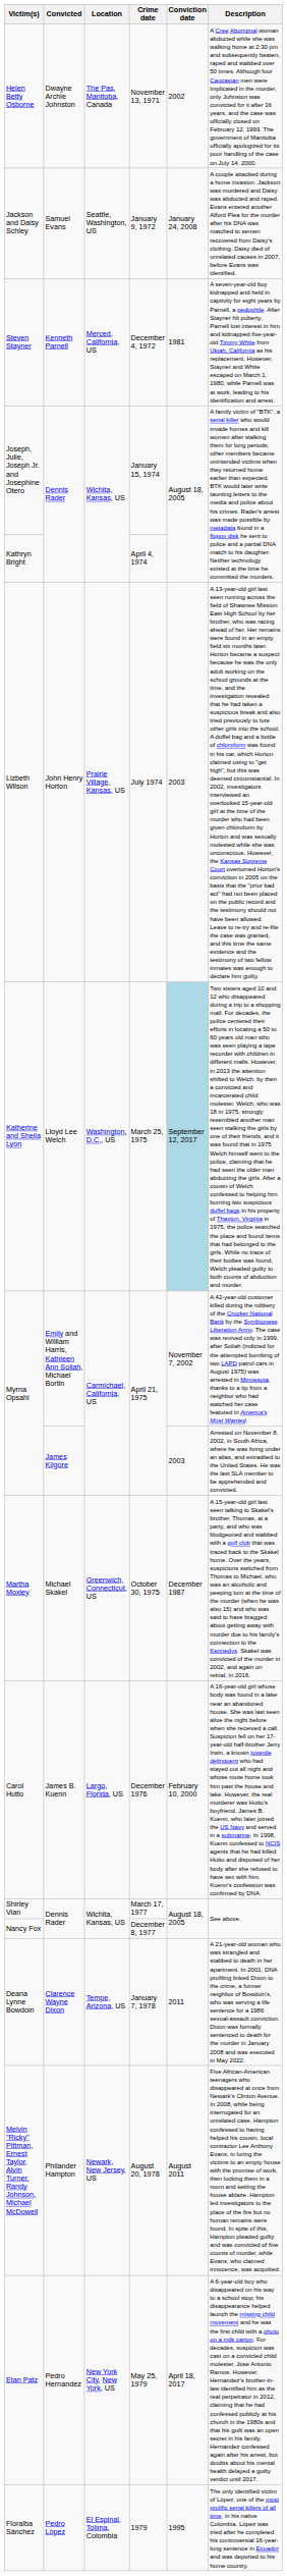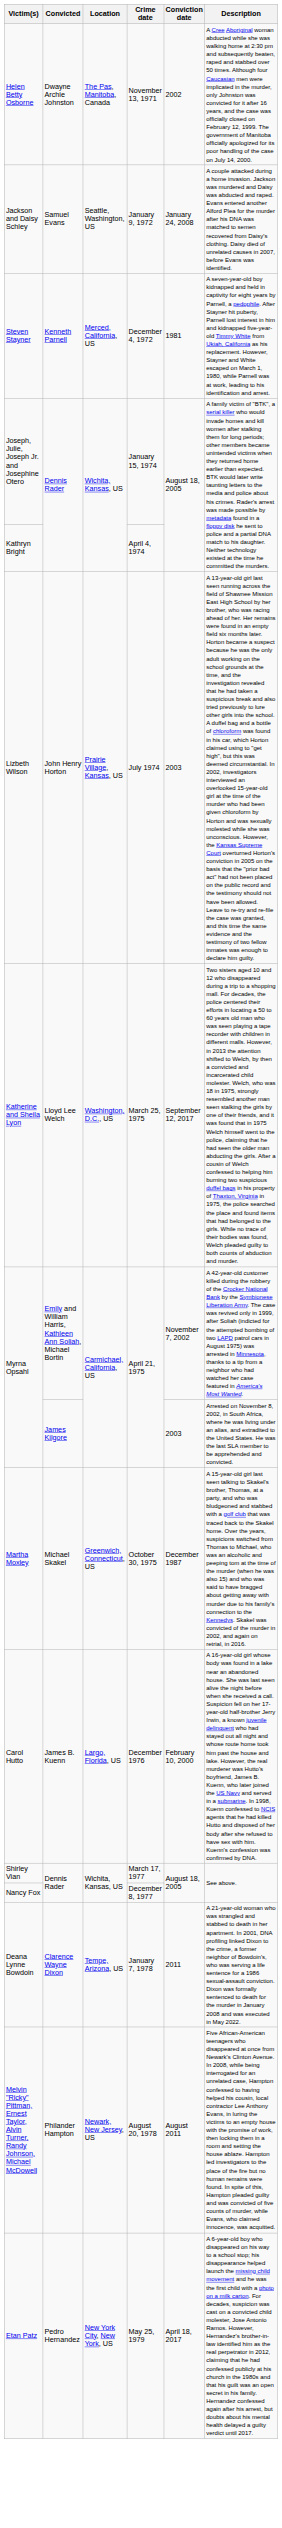 <table class="wikitable sortable">
 <tr>
 <th scope="col">Victim(s)</th>
 <th scope="col">Convicted</th>
 <th scope="col">Location</th>
 <th scope="col">Crime date</th>
 <th scope="col">Conviction date</th>
 <th scope="col">Description</th>
 </tr>
 <tr>
 <td><a href='#'>Helen Betty Osborne</a></td>
 <td>Dwayne Archie Johnston</td>
 <td><a href='#'>The Pas</a>, <a href='#'>Manitoba</a>, Canada</td>
 <td>November 13, 1971</td>
 <td>2002</td>
 <td><small>A <a href='#'>Cree</a> <a href='#'>Aboriginal</a> woman abducted while she was walking home at 2:30 pm and subsequently beaten, raped and stabbed over 50 times. Although four <a href='#'>Caucasian</a> men were implicated in the murder, only Johnston was convicted for it after 16 years, and the case was officially closed on February 12, 1999. The government of Manitoba officially apologized for its poor handling of the case on July 14, 2000.</small></td>
 </tr>
 <tr>
 <td>Jackson and Daisy Schley</td>
 <td>Samuel Evans</td>
 <td>Seattle, Washington, US</td>
 <td>January 9, 1972</td>
 <td>January 24, 2008</td>
 <td><small>A couple attacked during a home invasion. Jackson was murdered and Daisy was abducted and raped. Evans entered another Alford Plea for the murder after his DNA was matched to semen recovered from Daisy's clothing. Daisy died of unrelated causes in 2007, before Evans was identified.</small></td>
 </tr>
 <tr>
 <td><a href='#'>Steven Stayner</a></td>
 <td><a href='#'>Kenneth Parnell</a></td>
 <td><a href='#'>Merced, California</a>, US</td>
 <td>December 4, 1972</td>
 <td>1981</td>
 <td><small>A seven-year-old boy kidnapped and held in captivity for eight years by Parnell, a <a href='#'>pedophile</a>. After Stayner hit puberty, Parnell lost interest in him and kidnapped five-year-old <a href='#'>Timmy White</a> from <a href='#'>Ukiah, California</a> as his replacement. However, Stayner and White escaped on March 1, 1980, while Parnell was at work, leading to his identification and arrest.</small></td>
 </tr>
 <tr>
 <td>Joseph, Julie, Joseph Jr. and Josephine Otero</td>
 <td rowspan="2"><a href='#'>Dennis Rader</a></td>
 <td rowspan="2"><a href='#'>Wichita, Kansas</a>, US</td>
 <td>January 15, 1974</td>
 <td rowspan="2">August 18, 2005</td>
 <td rowspan="2"><small>A family victim of "BTK", a <a href='#'>serial killer</a> who would invade homes and kill women after stalking them for long periods; other members became unintended victims when they returned home earlier than expected. BTK would later write taunting letters to the media and police about his crimes. Rader's arrest was made possible by <a href='#'>metadata</a> found in a <a href='#'>floppy disk</a> he sent to police and a partial DNA match to his daughter. Neither technology existed at the time he committed the murders.</small></td>
 </tr>
 <tr>
 <td>Kathryn Bright</td>
 <td>April 4, 1974</td>
 </tr>
 <tr>
 <td>Lizbeth Wilson</td>
 <td>John Henry Horton</td>
 <td><a href='#'>Prairie Village</a>, <a href='#'>Kansas</a>, US</td>
 <td>July 1974</td>
 <td>2003</td>
 <td><small>A 13-year-old girl last seen running across the field of Shawnee Mission East High School by her brother, who was racing ahead of her. Her remains were found in an empty field six months later. Horton became a suspect because he was the only adult working on the school grounds at the time, and the investigation revealed that he had taken a suspicious break and also tried previously to lure other girls into the school. A duffel bag and a bottle of <a href='#'>chloroform</a> was found in his car, which Horton claimed using to "get high", but this was deemed circumstantial. In 2002, investigators interviewed an overlooked 15-year-old girl at the time of the murder who had been given chloroform by Horton and was sexually molested while she was unconscious. However, the <a href='#'>Kansas Supreme Court</a> overturned Horton's conviction in 2005 on the basis that the "prior bad act" had not been placed on the public record and the testimony should not have been allowed. Leave to re-try and re-file the case was granted, and this time the same evidence and the testimony of two fellow inmates was enough to declare him guilty.</small></td>
 </tr>
 <tr>
 <td><a href='#'>Katherine and Sheila Lyon</a></td>
 <td>Lloyd Lee Welch</td>
 <td><a href='#'>Washington, D.C.</a>, US</td>
 <td>March 25, 1975</td>
-<td style="background: lightblue;">September 12, 2017</td>
+<td>September 12, 2017</td>
 <td><small>Two sisters aged 10 and 12 who disappeared during a trip to a shopping mall. For decades, the police centered their efforts in locating a 50 to 60 years old man who was seen playing a tape recorder with children in different malls. However, in 2013 the attention shifted to Welch, by then a convicted and incarcerated child molester. Welch, who was 18 in 1975, strongly resembled another man seen stalking the girls by one of their friends, and it was found that in 1975 Welch himself went to the police, claiming that he had seen the older man abducting the girls. After a cousin of Welch confessed to helping him burning two suspicious <a href='#'>duffel bags</a> in his property of <a href='#'>Thaxton, Virginia</a> in 1975, the police searched the place and found items that had belonged to the girls. While no trace of their bodies was found, Welch pleaded guilty to both counts of abduction and murder.</small></td>
 </tr>
 <tr>
 <td rowspan="2">Myrna Opsahl</td>
 <td><a href='#'>Emily</a> and William Harris, <a href='#'>Kathleen Ann Soliah</a>, Michael Bortin</td>
 <td rowspan="2"><a href='#'>Carmichael, California</a>, US</td>
 <td rowspan="2">April 21, 1975</td>
 <td>November 7, 2002</td>
 <td><small>A 42-year-old customer killed during the robbery of the <a href='#'>Crocker National Bank</a> by the <a href='#'>Symbionese Liberation Army</a>. The case was revived only in 1999, after Soliah (indicted for the attempted bombing of two <a href='#'>LAPD</a> patrol cars in August 1975) was arrested in <a href='#'>Minnesota</a>, thanks to a tip from a neighbor who had watched her case featured in <em><a href='#'>America's Most Wanted</a></em>.</small></td>
 </tr>
 <tr>
 <td><a href='#'>James Kilgore</a></td>
 <td>2003</td>
 <td><small>Arrested on November 8, 2002, in South Africa, where he was living under an alias, and extradited to the United States. He was the last SLA member to be apprehended and convicted.</small></td>
 </tr>
 <tr>
 <td><a href='#'>Martha Moxley</a></td>
 <td>Michael Skakel</td>
 <td><a href='#'>Greenwich, Connecticut</a>, US</td>
 <td>October 30, 1975</td>
 <td>December 1987</td>
 <td><small>A 15-year-old girl last seen talking to Skakel's brother, Thomas, at a party, and who was bludgeoned and stabbed with a <a href='#'>golf club</a> that was traced back to the Skakel home. Over the years, suspicions switched from Thomas to Michael, who was an alcoholic and peeping tom at the time of the murder (when he was also 15) and who was said to have bragged about getting away with murder due to his family's connection to the <a href='#'>Kennedys</a>. Skakel was convicted of the murder in 2002, and again on retrial, in 2016.</small></td>
 </tr>
 <tr>
 <td>Carol Hutto</td>
 <td>James B. Kuenn</td>
 <td><a href='#'>Largo, Florida</a>, US</td>
 <td>December 1976</td>
 <td>February 10, 2000</td>
 <td><small>A 16-year-old girl whose body was found in a lake near an abandoned house. She was last seen alive the night before when she received a call. Suspicion fell on her 17-year-old half-brother Jerry Irwin, a known <a href='#'>juvenile delinquent</a> who had stayed out all night and whose route home took him past the house and lake. However, the real murderer was Hutto's boyfriend, James B. Kuenn, who later joined the <a href='#'>US Navy</a> and served in a <a href='#'>submarine</a>. In 1998, Kuenn confessed to <a href='#'>NCIS</a> agents that he had killed Hutto and disposed of her body after she refused to have sex with him. Kuenn's confession was confirmed by DNA.</small></td>
 </tr>
 <tr>
 <td>Shirley Vian</td>
 <td rowspan="2">Dennis Rader</td>
 <td rowspan="2">Wichita, Kansas, US</td>
 <td>March 17, 1977</td>
 <td rowspan="2">August 18, 2005</td>
 <td rowspan="2"><small>See above.</small></td>
 </tr>
 <tr>
 <td>Nancy Fox</td>
 <td>December 8, 1977</td>
 </tr>
 <tr>
 <td>Deana Lynne Bowdoin</td>
 <td><a href='#'>Clarence Wayne Dixon</a></td>
 <td><a href='#'>Tempe, Arizona</a>, US</td>
 <td>January 7, 1978</td>
 <td>2011</td>
 <td><small>A 21-year-old woman who was strangled and stabbed to death in her apartment. In 2001, DNA profiling linked Dixon to the crime, a former neighbor of Bowdoin's, who was serving a life sentence for a 1986 sexual-assault conviction. Dixon was formally sentenced to death for the murder in January 2008 and was executed in May 2022.</small></td>
 </tr>
 <tr>
 <td><a href='#'>Melvin "Ricky" Pittman, Ernest Taylor, Alvin Turner, Randy Johnson, Michael McDowell</a></td>
 <td>Philander Hampton</td>
 <td><a href='#'>Newark, New Jersey</a>, US</td>
 <td>August 20, 1978</td>
 <td>August 2011</td>
 <td><small>Five African-American teenagers who disappeared at once from Newark's Clinton Avenue. In 2008, while being interrogated for an unrelated case, Hampton confessed to having helped his cousin, local contractor Lee Anthony Evans, in luring the victims to an empty house with the promise of work, then locking them in a room and setting the house ablaze. Hampton led investigators to the place of the fire but no human remains were found. In spite of this, Hampton pleaded guilty and was convicted of five counts of murder, while Evans, who claimed innocence, was acquitted.</small></td>
 </tr>
 <tr>
 <td><a href='#'>Etan Patz</a></td>
 <td>Pedro Hernandez</td>
 <td><a href='#'>New York City</a>, <a href='#'>New York</a>, US</td>
 <td>May 25, 1979</td>
 <td>April 18, 2017</td>
 <td><small>A 6-year-old boy who disappeared on his way to a school stop; his disappearance helped launch the <a href='#'>missing child movement</a> and he was the first child with a <a href='#'>photo on a milk carton</a>. For decades, suspicion was cast on a convicted child molester, Jose Antonio Ramos. However, Hernandez's brother-in-law identified him as the real perpetrator in 2012, claiming that he had confessed publicly at his church in the 1980s and that his guilt was an open secret in his family. Hernandez confessed again after his arrest, but doubts about his mental health delayed a guilty verdict until 2017.</small></td>
 </tr>
-<tr>
-<td>Floralba Sánchez</td>
-<td><a href='#'>Pedro López</a></td>
-<td><a href='#'>El Espinal, Tolima</a>, Colombia</td>
-<td>1979</td>
-<td>1995</td>
-<td><small>The only identified victim of López, one of the <a href='#'>most prolific serial killers of all time</a>, in his native Colombia. López was tried after he completed his controversial 16-year-long sentence in <a href='#'>Ecuador</a> and was deported to his home country.</small></td>
-</tr>
 </table>
